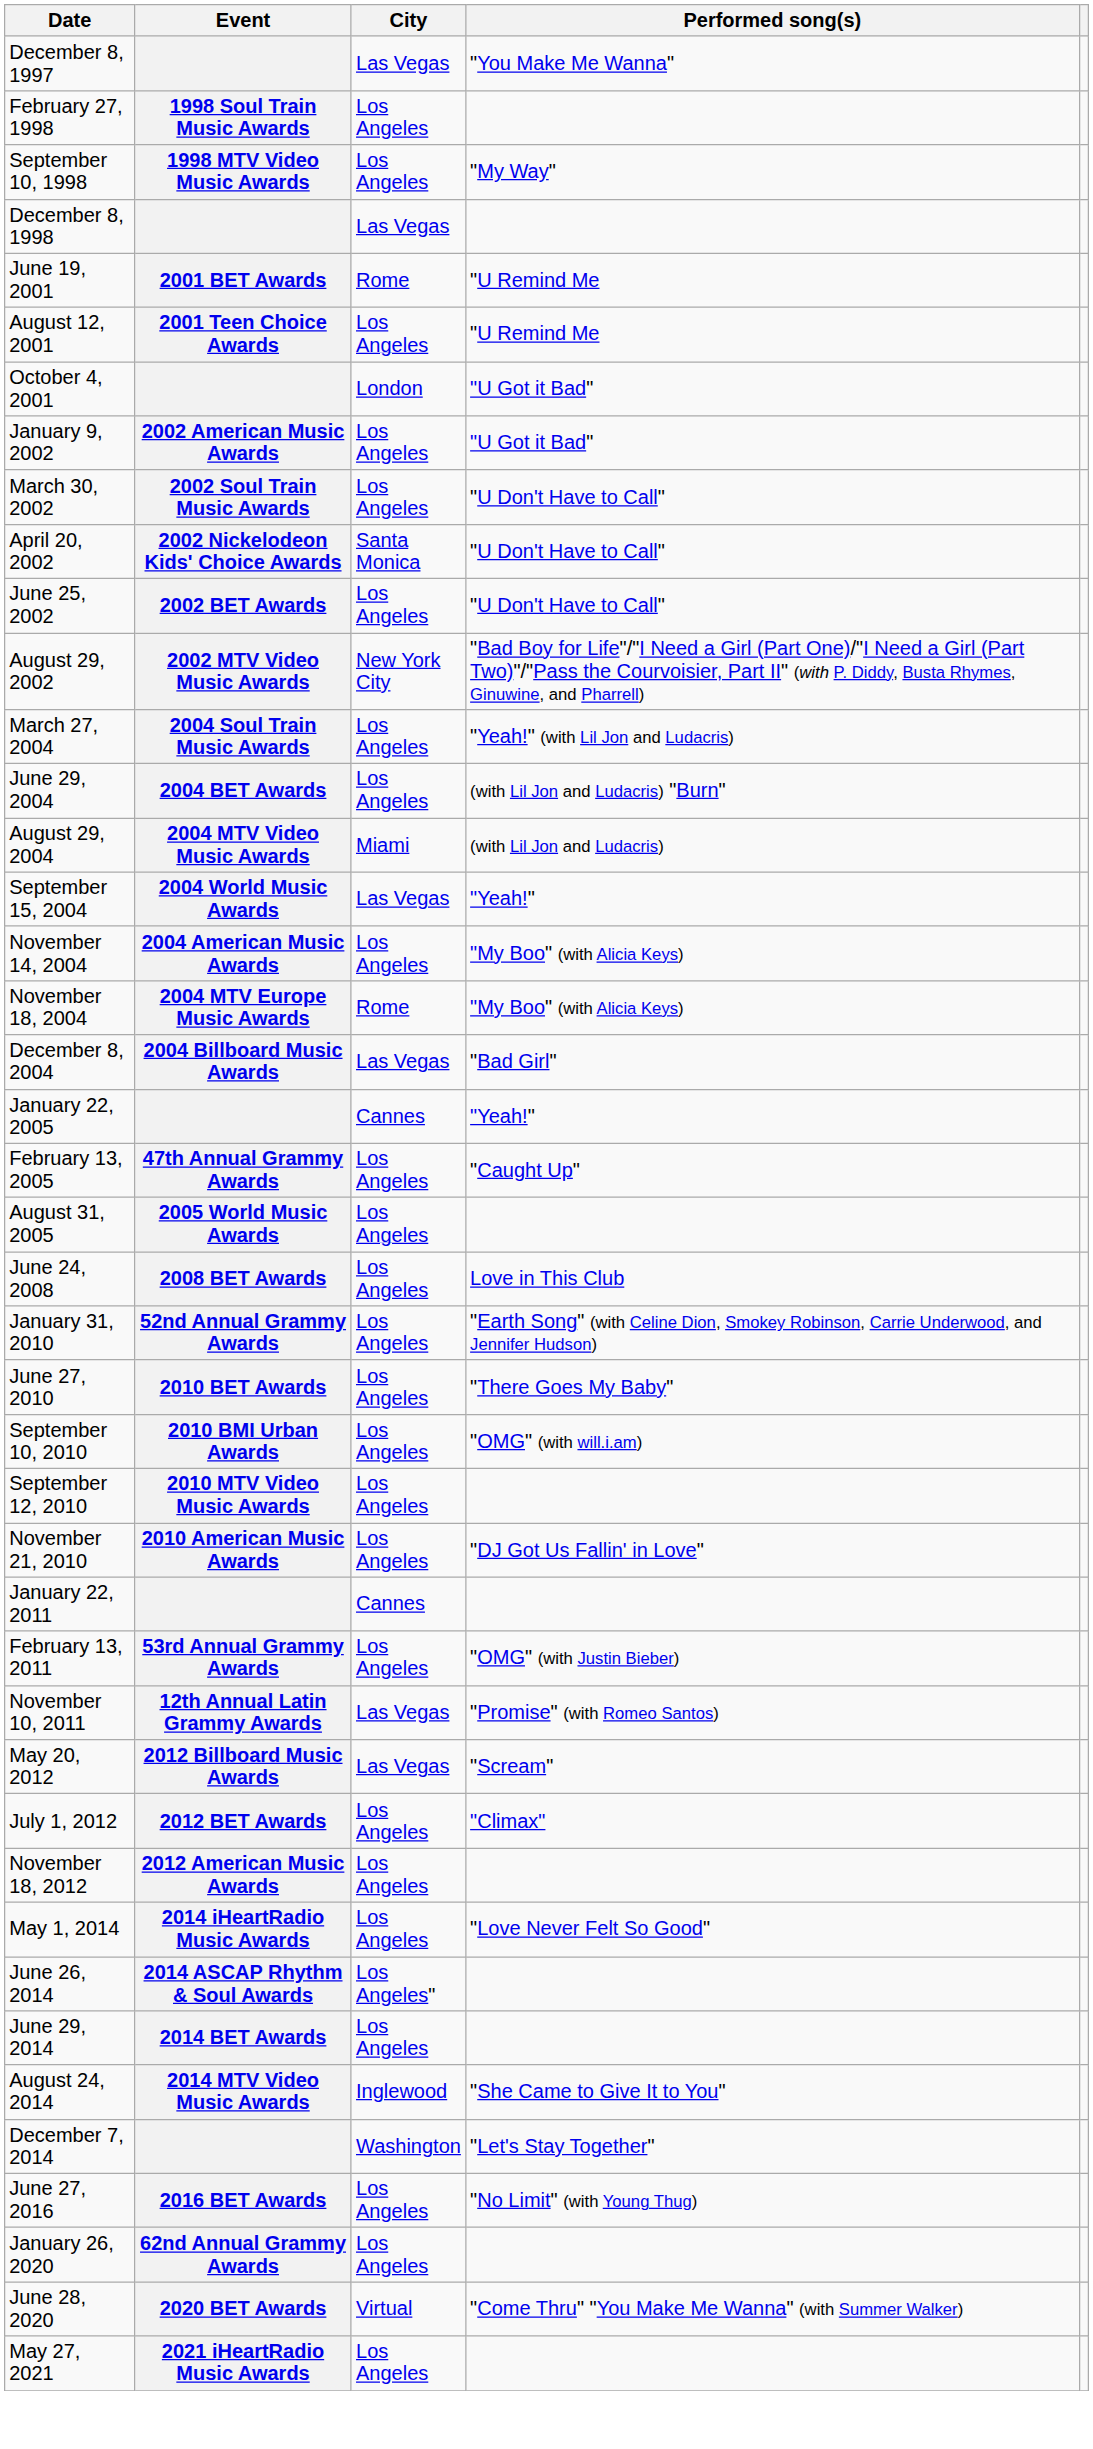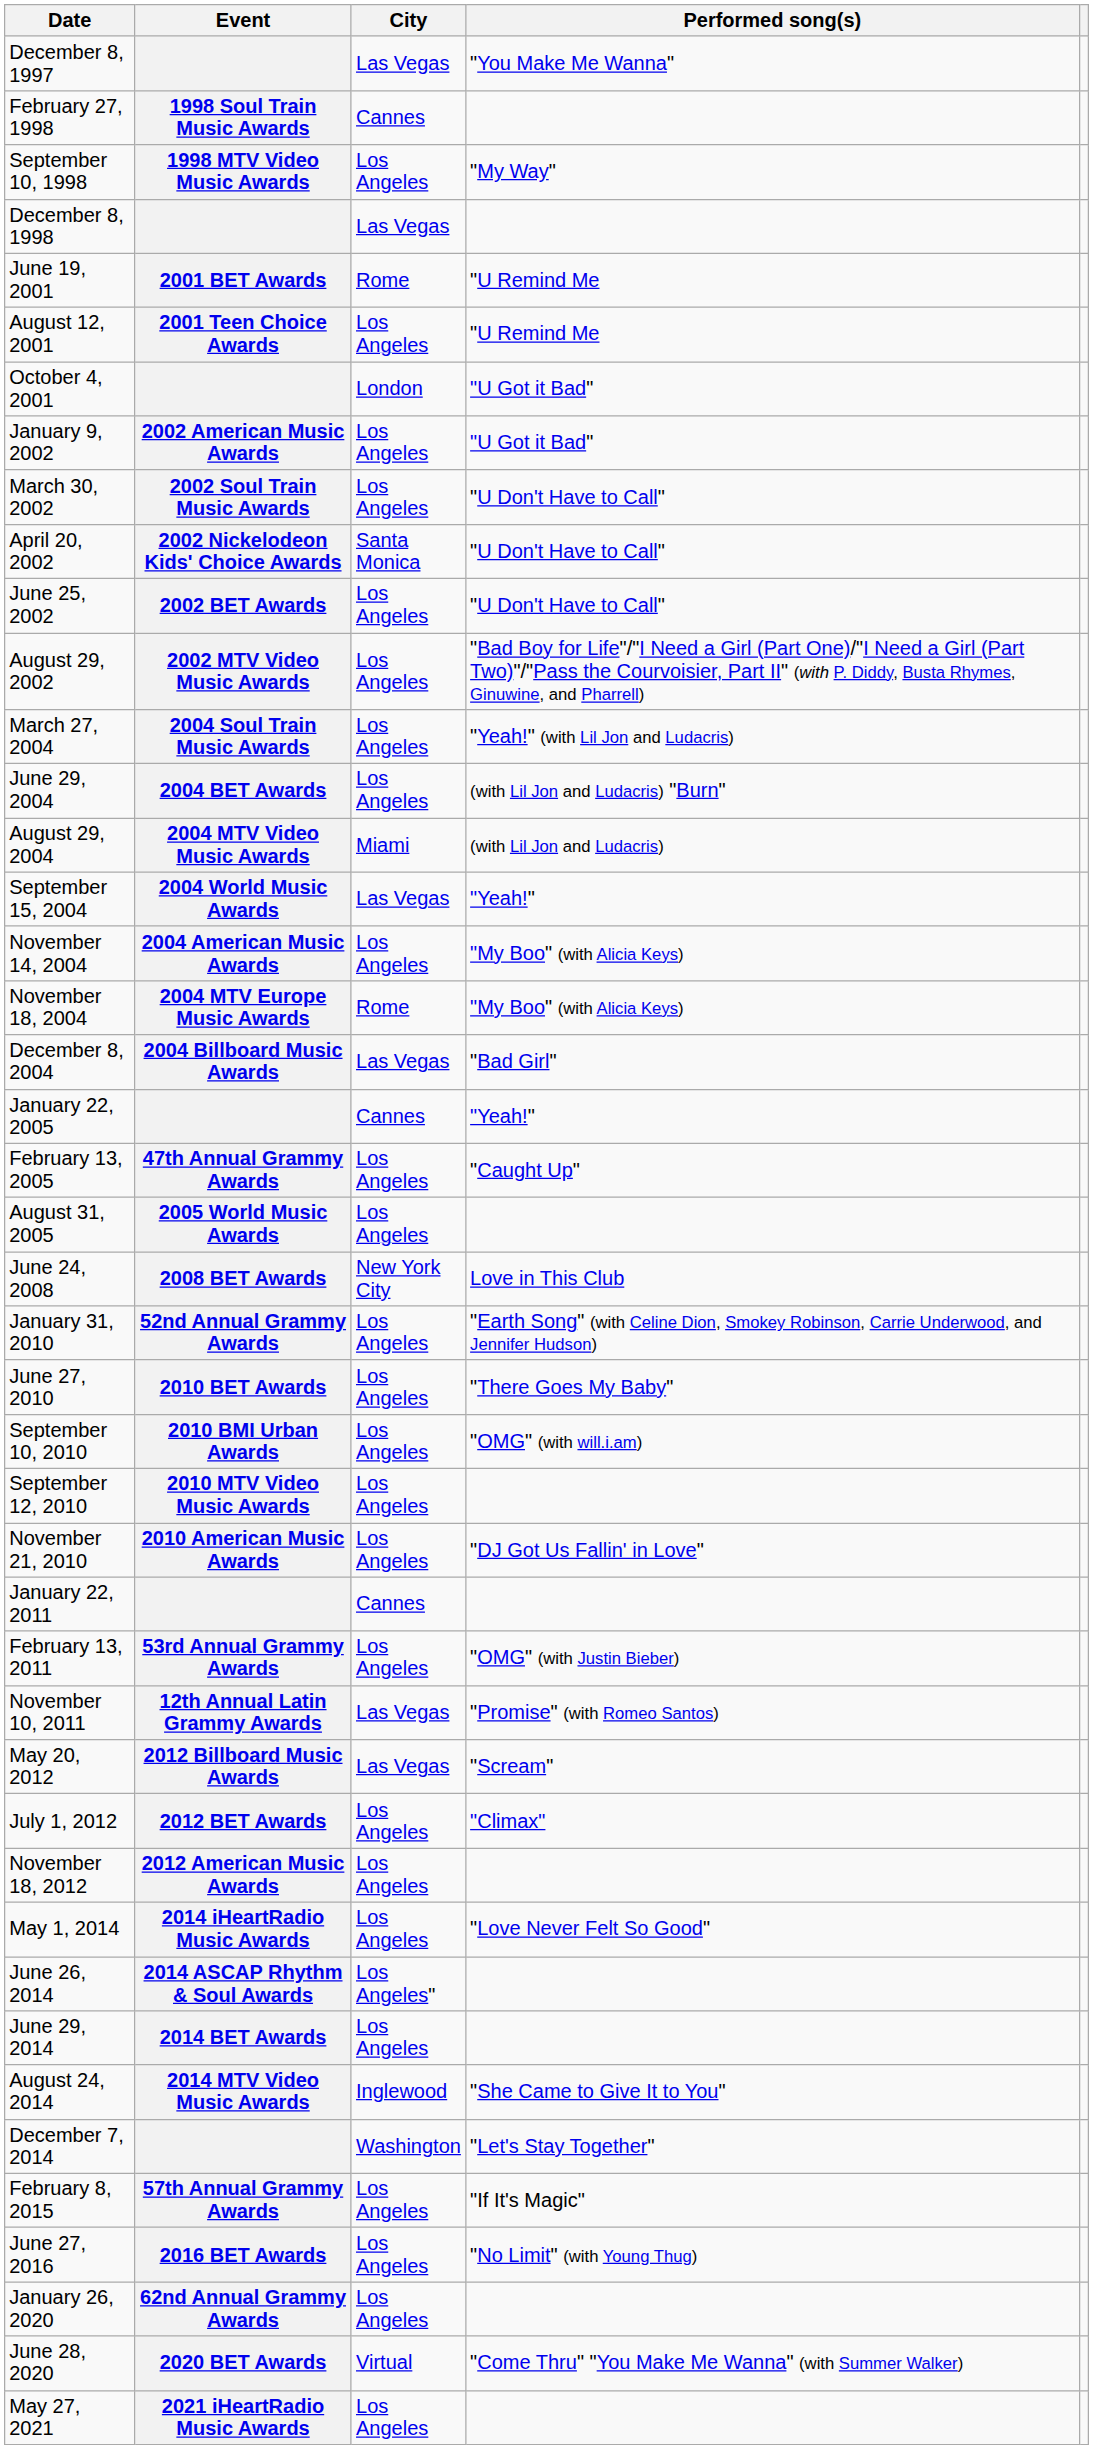 <table class="wikitable sortable plainrowheaders">
 <tr>
 <th style="width:12%;">Date</th>
 <th style="width:20%;">Event</th>
 <th style="width:10%;">City</th>
 <th>Performed song(s)</th>
 <th scope="col" class="unsortable"></th>
 </tr>
 <tr>
 <td>December 8, 1997</td>
 <th scope="row"></th>
 <td><a href='#'>Las Vegas</a></td>
 <td>"<a href='#'>You Make Me Wanna</a>"</td>
 <td style="text-align:center;"></td>
 </tr>
 <tr>
 <td>February 27, 1998</td>
 <th scope="row"><a href='#'>1998 Soul Train Music Awards</a></th>
-<td><a href='#'>Los Angeles</a></td>
+<td><a href='#'>Cannes</a></td>
 <td></td>
 <td style="text-align:center;"></td>
 </tr>
 <tr>
 <td>September 10, 1998</td>
 <th scope="row"><a href='#'>1998 MTV Video Music Awards</a></th>
 <td><a href='#'>Los Angeles</a></td>
 <td>"<a href='#'>My Way</a>"</td>
 <td style="text-align:center;"></td>
 </tr>
 <tr>
 <td>December 8, 1998</td>
 <th scope="row"></th>
 <td><a href='#'>Las Vegas</a></td>
 <td></td>
 <td style="text-align:center;"></td>
 </tr>
 <tr>
 <td>June 19, 2001</td>
 <th scope="row"><a href='#'>2001 BET Awards</a></th>
 <td><a href='#'>Rome</a></td>
 <td>"<a href='#'>U Remind Me</a></td>
 <td style="text-align:center;"></td>
 </tr>
 <tr>
 <td>August 12, 2001</td>
 <th scope="row"><a href='#'>2001 Teen Choice Awards</a></th>
 <td><a href='#'>Los Angeles</a></td>
 <td>"<a href='#'>U Remind Me</a></td>
 <td style="text-align:center;"></td>
 </tr>
 <tr>
 <td>October 4, 2001</td>
 <th scope="row"></th>
 <td><a href='#'>London</a></td>
 <td><a href='#'>"U Got it Bad</a>"</td>
 <td style="text-align:center;"></td>
 </tr>
 <tr>
 <td>January 9, 2002</td>
 <th scope="row"><a href='#'>2002 American Music Awards</a></th>
 <td><a href='#'>Los Angeles</a></td>
 <td><a href='#'>"U Got it Bad</a>"</td>
 <td style="text-align:center;"></td>
 </tr>
 <tr>
 <td>March 30, 2002</td>
 <th scope="row"><a href='#'>2002 Soul Train Music Awards</a></th>
 <td><a href='#'>Los Angeles</a></td>
 <td>"<a href='#'>U Don't Have to Call</a>"</td>
 <td style="text-align:center;"></td>
 </tr>
 <tr>
 <td>April 20, 2002</td>
 <th scope="row"><a href='#'>2002 Nickelodeon Kids' Choice Awards</a></th>
 <td><a href='#'>Santa Monica</a></td>
 <td>"<a href='#'>U Don't Have to Call</a>"</td>
 <td style="text-align:center;"></td>
 </tr>
 <tr>
 <td>June 25, 2002</td>
 <th scope="row"><a href='#'>2002 BET Awards</a></th>
 <td><a href='#'>Los Angeles</a></td>
 <td>"<a href='#'>U Don't Have to Call</a>"</td>
 <td style="text-align:center;"></td>
 </tr>
 <tr>
 <td>August 29, 2002</td>
 <th scope="row"><a href='#'>2002 MTV Video Music Awards</a></th>
-<td><a href='#'>New York City</a></td>
+<td><a href='#'>Los Angeles</a></td>
 <td>"<a href='#'>Bad Boy for Life</a>"/"<a href='#'>I Need a Girl (Part One)</a>/"<a href='#'>I Need a Girl (Part Two)</a>"/"<a href='#'>Pass the Courvoisier, Part II</a>"  <small>(<em>with</em> <a href='#'>P. Diddy</a>, <a href='#'>Busta Rhymes</a>, <a href='#'>Ginuwine</a>, and <a href='#'>Pharrell</a>)</small></td>
 <td style="text-align:center;"></td>
 </tr>
 <tr>
 <td>March 27, 2004</td>
 <th scope="row"><a href='#'>2004 Soul Train Music Awards</a></th>
 <td><a href='#'>Los Angeles</a></td>
 <td>"<a href='#'>Yeah!</a>" <small>(with <a href='#'>Lil Jon</a> and <a href='#'>Ludacris</a>)</small></td>
 <td style="text-align:center;"></td>
 </tr>
 <tr>
 <td>June 29, 2004</td>
 <th scope="row"><a href='#'>2004 BET Awards</a></th>
 <td><a href='#'>Los Angeles</a></td>
 <td><small>(with <a href='#'>Lil Jon</a> and <a href='#'>Ludacris</a>)</small>   "<a href='#'>Burn</a>"</td>
 <td style="text-align:center;"></td>
 </tr>
 <tr>
 <td>August 29, 2004</td>
 <th scope="row"><a href='#'>2004 MTV Video Music Awards</a></th>
 <td><a href='#'>Miami</a></td>
 <td> <small>(with <a href='#'>Lil Jon</a> and <a href='#'>Ludacris</a>)</small></td>
 <td style="text-align:center;"></td>
 </tr>
 <tr>
 <td>September 15, 2004</td>
 <th scope="row"><a href='#'>2004 World Music Awards</a></th>
 <td><a href='#'>Las Vegas</a></td>
 <td><a href='#'>"Yeah!</a>"</td>
 <td style="text-align:center;"></td>
 </tr>
 <tr>
 <td>November 14, 2004</td>
 <th scope="row"><a href='#'>2004 American Music Awards</a></th>
 <td><a href='#'>Los Angeles</a></td>
 <td><a href='#'>"My Boo</a>" <small>(with   <a href='#'>Alicia Keys</a>)</small></td>
 <td style="text-align:center;"></td>
 </tr>
 <tr>
 <td>November 18, 2004</td>
 <th scope="row"><a href='#'>2004 MTV Europe Music Awards</a></th>
 <td><a href='#'>Rome</a></td>
 <td><a href='#'>"My Boo</a>" <small>(with   <a href='#'>Alicia Keys</a>)</small></td>
 <td style="text-align:center;"></td>
 </tr>
 <tr>
 <td>December 8, 2004</td>
 <th scope="row"><a href='#'>2004 Billboard Music Awards</a></th>
 <td><a href='#'>Las Vegas</a></td>
 <td>"<a href='#'>Bad Girl</a>"</td>
 <td style="text-align:center;"></td>
 </tr>
 <tr>
 <td>January 22, 2005</td>
 <th scope="row"></th>
 <td><a href='#'>Cannes</a></td>
 <td><a href='#'>"Yeah!</a>"</td>
 <td style="text-align:center;"></td>
 </tr>
 <tr>
 <td>February 13, 2005</td>
 <th scope="row"><a href='#'>47th Annual Grammy Awards</a></th>
 <td><a href='#'>Los Angeles</a></td>
 <td>"<a href='#'>Caught Up</a>"</td>
 <td style="text-align:center;"></td>
 </tr>
 <tr>
 <td>August 31, 2005</td>
 <th scope="row"><a href='#'>2005 World Music Awards</a></th>
 <td><a href='#'>Los Angeles</a></td>
 <td></td>
 <td></td>
 </tr>
 <tr>
 <td>June 24, 2008</td>
 <th scope="row"><a href='#'>2008 BET Awards</a></th>
-<td><a href='#'>Los Angeles</a></td>
+<td><a href='#'>New York City</a></td>
 <td><a href='#'>Love in This Club</a></td>
 <td style="text-align:center;"></td>
 </tr>
 <tr>
 <td>January 31, 2010</td>
 <th scope="row"><a href='#'>52nd Annual Grammy Awards</a></th>
 <td><a href='#'>Los Angeles</a></td>
 <td>"<a href='#'>Earth Song</a>" <small>(with <a href='#'>Celine Dion</a>, <a href='#'>Smokey Robinson</a>, <a href='#'>Carrie Underwood</a>, and <a href='#'>Jennifer Hudson</a>)</small></td>
 <td></td>
 </tr>
 <tr>
 <td>June 27, 2010</td>
 <th scope="row"><a href='#'>2010 BET Awards</a></th>
 <td><a href='#'>Los Angeles</a></td>
 <td>"<a href='#'>There Goes My Baby</a>"</td>
 <td style="text-align:center;"></td>
 </tr>
 <tr>
 <td>September 10, 2010</td>
 <th scope="row"><a href='#'>2010 BMI Urban Awards</a></th>
 <td><a href='#'>Los Angeles</a></td>
 <td>"<a href='#'>OMG</a>" <small>(with <a href='#'>will.i.am</a>) </small></td>
 <td style="text-align:center;"></td>
 </tr>
 <tr>
 <td>September 12, 2010</td>
 <th scope="row"><a href='#'>2010 MTV Video Music Awards</a></th>
 <td><a href='#'>Los Angeles</a></td>
 <td></td>
 <td style="text-align:center;"></td>
 </tr>
 <tr>
 <td>November 21, 2010</td>
 <th scope="row"><a href='#'>2010 American Music Awards</a></th>
 <td><a href='#'>Los Angeles</a></td>
 <td>"<a href='#'>DJ Got Us Fallin' in Love</a>"</td>
 <td style="text-align:center;"></td>
 </tr>
 <tr>
 <td>January 22, 2011</td>
 <th scope="row"></th>
 <td><a href='#'>Cannes</a></td>
 <td></td>
 <td style="text-align:center;"></td>
 </tr>
 <tr>
 <td>February 13, 2011</td>
 <th scope="row"><a href='#'>53rd Annual Grammy Awards</a></th>
 <td><a href='#'>Los Angeles</a></td>
 <td>"<a href='#'>OMG</a>" <small>(with <a href='#'>Justin Bieber</a>) </small></td>
 <td style="text-align:center;"></td>
 </tr>
 <tr>
 <td>November 10, 2011</td>
 <th scope="row"><a href='#'>12th Annual Latin Grammy Awards</a></th>
 <td><a href='#'>Las Vegas</a></td>
 <td>"<a href='#'>Promise</a>" <small>(with <a href='#'>Romeo Santos</a>) </small></td>
 <td style="text-align:center;"></td>
 </tr>
 <tr>
 <td>May 20, 2012</td>
 <th scope="row"><a href='#'>2012 Billboard Music Awards</a></th>
 <td><a href='#'>Las Vegas</a></td>
 <td>"<a href='#'>Scream</a>"</td>
 <td style="text-align:center;"></td>
 </tr>
 <tr>
 <td>July 1, 2012</td>
 <th scope="row"><a href='#'>2012 BET Awards</a></th>
 <td><a href='#'>Los Angeles</a></td>
 <td><a href='#'>"Climax"</a></td>
 <td style="text-align:center;"></td>
 </tr>
 <tr>
 <td>November 18, 2012</td>
 <th scope="row"><a href='#'>2012 American Music Awards</a></th>
 <td><a href='#'>Los Angeles</a></td>
 <td></td>
 <td style="text-align:center;"></td>
 </tr>
 <tr>
 <td>May 1, 2014</td>
 <th scope="row"><a href='#'>2014 iHeartRadio Music Awards</a></th>
 <td><a href='#'>Los Angeles</a></td>
 <td>"<a href='#'>Love Never Felt So Good</a>"</td>
 <td style="text-align:center;"></td>
 </tr>
 <tr>
 <td>June 26, 2014</td>
 <th scope="row"><a href='#'>2014 ASCAP Rhythm & Soul Awards</a></th>
 <td><a href='#'>Los Angeles</a>"</td>
 <td></td>
 <td style="text-align:center;"></td>
 </tr>
 <tr>
 <td>June 29, 2014</td>
 <th scope="row"><a href='#'>2014 BET Awards</a></th>
 <td><a href='#'>Los Angeles</a></td>
 <td></td>
 <td style="text-align:center;"></td>
 </tr>
 <tr>
 <td>August 24, 2014</td>
 <th scope="row"><a href='#'>2014 MTV Video Music Awards</a></th>
 <td><a href='#'>Inglewood</a></td>
 <td>"<a href='#'>She Came to Give It to You</a>"</td>
 <td style="text-align:center;"></td>
 </tr>
 <tr>
 <td>December 7, 2014</td>
 <th scope="row"></th>
 <td><a href='#'>Washington</a></td>
 <td>"<a href='#'>Let's Stay Together</a>"</td>
 <td style="text-align:center;"></td>
 </tr>
 <tr>
+<td>February 8, 2015</td>
+<th scope="row"><a href='#'>57th Annual Grammy Awards</a></th>
+<td><a href='#'>Los Angeles</a></td>
+<td>"If It's Magic"</td>
+<td></td>
+</tr>
+<tr>
 <td>June 27, 2016</td>
 <th scope="row"><a href='#'>2016 BET Awards</a></th>
 <td><a href='#'>Los Angeles</a></td>
 <td>"<a href='#'>No Limit</a>" <small>(with <a href='#'>Young Thug</a>)</small></td>
 <td style="text-align:center;"></td>
 </tr>
 <tr>
 <td>January 26, 2020</td>
 <th scope="row"><a href='#'>62nd Annual Grammy Awards</a></th>
 <td><a href='#'>Los Angeles</a></td>
 <td></td>
 <td style="text-align:center;"></td>
 </tr>
 <tr>
 <td>June 28, 2020</td>
 <th scope="row"><a href='#'>2020 BET Awards</a></th>
 <td><a href='#'>Virtual</a></td>
 <td>"<a href='#'>Come Thru</a>" "<a href='#'>You Make Me Wanna</a>" <small>(with <a href='#'>Summer Walker</a>)</small></td>
 <td style="text-align:center;"></td>
 </tr>
 <tr>
 <td>May 27, 2021</td>
 <th scope="row"><a href='#'>2021 iHeartRadio Music Awards</a></th>
 <td><a href='#'>Los Angeles</a></td>
 <td></td>
 <td style="text-align:center;"></td>
 </tr>
 </table>
